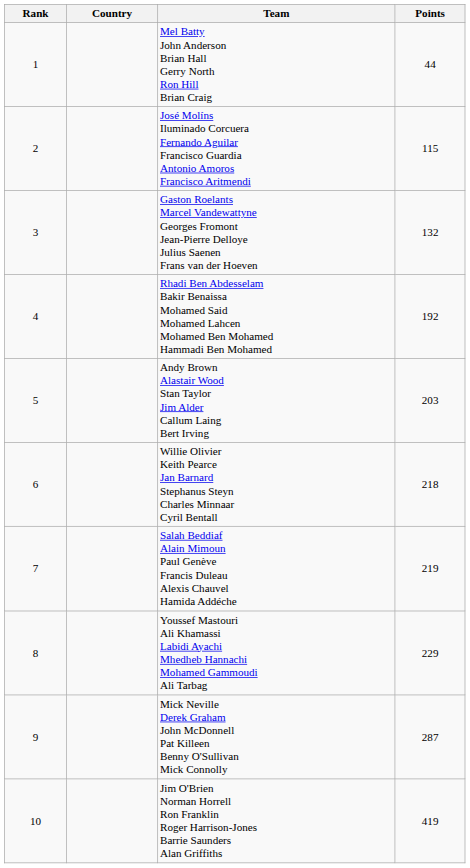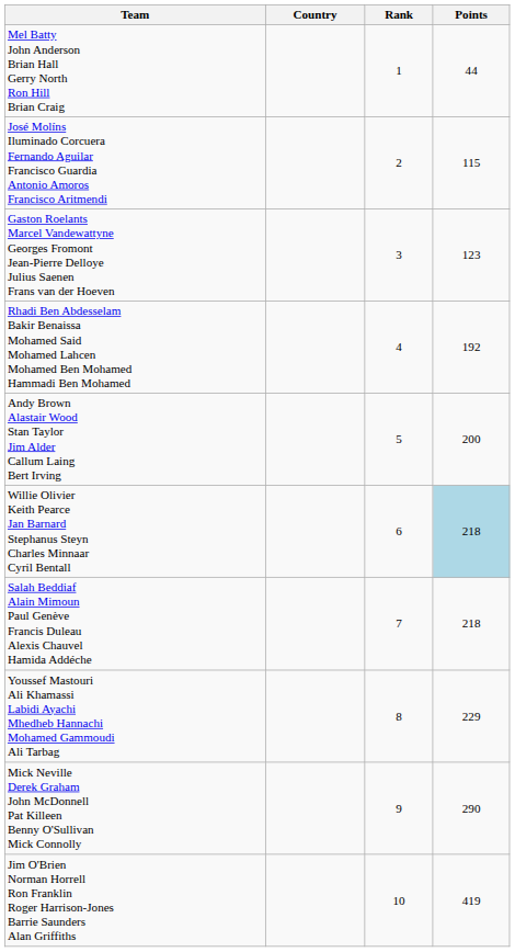 <table class="wikitable sortable" style=" text-align:center; font-size:95%;" width="50%">
 <tr>
+<th>Team</th>
+<th>Country</th>
 <th>Rank</th>
-<th>Country</th>
-<th>Team</th>
 <th>Points</th>
 </tr>
 <tr>
+<td align=left><a href='#'>Mel Batty</a><br>John Anderson<br>Brian Hall<br>Gerry North<br><a href='#'>Ron Hill</a><br>Brian Craig</td>
+<td align=left></td>
 <td align=center>1</td>
-<td align=left></td>
-<td align=left><a href='#'>Mel Batty</a><br>John Anderson<br>Brian Hall<br>Gerry North<br><a href='#'>Ron Hill</a><br>Brian Craig</td>
 <td>44</td>
 </tr>
 <tr>
+<td align=left><a href='#'>José Molíns</a><br>Iluminado Corcuera<br><a href='#'>Fernando Aguilar</a><br>Francisco Guardia<br><a href='#'>Antonio Amoros</a><br><a href='#'>Francisco Aritmendi</a></td>
+<td align=left></td>
 <td align=center>2</td>
-<td align=left></td>
-<td align=left><a href='#'>José Molíns</a><br>Iluminado Corcuera<br><a href='#'>Fernando Aguilar</a><br>Francisco Guardia<br><a href='#'>Antonio Amoros</a><br><a href='#'>Francisco Aritmendi</a></td>
 <td>115</td>
 </tr>
 <tr>
+<td align=left><a href='#'>Gaston Roelants</a><br><a href='#'>Marcel Vandewattyne</a><br>Georges Fromont<br>Jean-Pierre Delloye<br>Julius Saenen<br>Frans van der Hoeven</td>
+<td align=left></td>
 <td align=center>3</td>
-<td align=left></td>
-<td align=left><a href='#'>Gaston Roelants</a><br><a href='#'>Marcel Vandewattyne</a><br>Georges Fromont<br>Jean-Pierre Delloye<br>Julius Saenen<br>Frans van der Hoeven</td>
-<td>132</td>
+<td>123</td>
 </tr>
 <tr>
+<td align=left><a href='#'>Rhadi Ben Abdesselam</a><br>Bakir Benaissa<br>Mohamed Said<br>Mohamed Lahcen<br>Mohamed Ben Mohamed<br>Hammadi Ben Mohamed</td>
+<td align=left></td>
 <td align=center>4</td>
-<td align=left></td>
-<td align=left><a href='#'>Rhadi Ben Abdesselam</a><br>Bakir Benaissa<br>Mohamed Said<br>Mohamed Lahcen<br>Mohamed Ben Mohamed<br>Hammadi Ben Mohamed</td>
 <td>192</td>
 </tr>
 <tr>
+<td align=left>Andy Brown<br><a href='#'>Alastair Wood</a><br>Stan Taylor<br><a href='#'>Jim Alder</a><br>Callum Laing<br>Bert Irving</td>
+<td align=left></td>
 <td align=center>5</td>
-<td align=left></td>
-<td align=left>Andy Brown<br><a href='#'>Alastair Wood</a><br>Stan Taylor<br><a href='#'>Jim Alder</a><br>Callum Laing<br>Bert Irving</td>
-<td>203</td>
+<td>200</td>
 </tr>
 <tr>
+<td align=left>Willie Olivier<br>Keith Pearce<br><a href='#'>Jan Barnard</a><br>Stephanus Steyn<br>Charles Minnaar<br>Cyril Bentall</td>
+<td align=left></td>
 <td align=center>6</td>
+<td style="background: lightblue;">218</td>
+</tr>
+<tr>
+<td align=left><a href='#'>Salah Beddiaf</a><br><a href='#'>Alain Mimoun</a><br>Paul Genève<br>Francis Duleau<br>Alexis Chauvel<br>Hamida Addéche</td>
 <td align=left></td>
-<td align=left>Willie Olivier<br>Keith Pearce<br><a href='#'>Jan Barnard</a><br>Stephanus Steyn<br>Charles Minnaar<br>Cyril Bentall</td>
+<td align=center>7</td>
 <td>218</td>
 </tr>
 <tr>
-<td align=center>7</td>
+<td align=left>Youssef Mastouri<br>Ali Khamassi<br><a href='#'>Labidi Ayachi</a><br><a href='#'>Mhedheb Hannachi</a><br><a href='#'>Mohamed Gammoudi</a><br>Ali Tarbag</td>
 <td align=left></td>
-<td align=left><a href='#'>Salah Beddiaf</a><br><a href='#'>Alain Mimoun</a><br>Paul Genève<br>Francis Duleau<br>Alexis Chauvel<br>Hamida Addéche</td>
-<td>219</td>
-</tr>
-<tr>
 <td align=center>8</td>
-<td align=left></td>
-<td align=left>Youssef Mastouri<br>Ali Khamassi<br><a href='#'>Labidi Ayachi</a><br><a href='#'>Mhedheb Hannachi</a><br><a href='#'>Mohamed Gammoudi</a><br>Ali Tarbag</td>
 <td>229</td>
 </tr>
 <tr>
+<td align=left>Mick Neville<br><a href='#'>Derek Graham</a><br>John McDonnell<br>Pat Killeen<br>Benny O'Sullivan<br>Mick Connolly</td>
+<td align=left></td>
 <td align=center>9</td>
-<td align=left></td>
-<td align=left>Mick Neville<br><a href='#'>Derek Graham</a><br>John McDonnell<br>Pat Killeen<br>Benny O'Sullivan<br>Mick Connolly</td>
-<td>287</td>
+<td>290</td>
 </tr>
 <tr>
+<td align=left>Jim O'Brien<br>Norman Horrell<br>Ron Franklin<br>Roger Harrison-Jones<br>Barrie Saunders<br>Alan Griffiths</td>
+<td align=left></td>
 <td align=center>10</td>
-<td align=left></td>
-<td align=left>Jim O'Brien<br>Norman Horrell<br>Ron Franklin<br>Roger Harrison-Jones<br>Barrie Saunders<br>Alan Griffiths</td>
 <td>419</td>
 </tr>
 </table>
